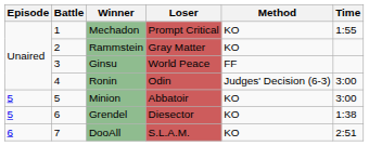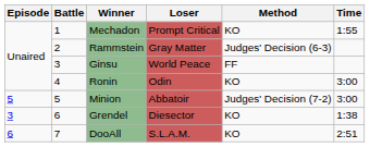 <table class="wikitable">
 <tr>
 <th>Episode</th>
 <th>Battle</th>
 <th>Winner</th>
 <th>Loser</th>
 <th>Method</th>
 <th>Time</th>
 </tr>
 <tr>
 <td rowspan="4">Unaired</td>
 <td>1</td>
 <td style="background:DarkSeaGreen;">Mechadon</td>
 <td style="background:IndianRed;">Prompt Critical</td>
 <td>KO</td>
 <td>1:55</td>
 </tr>
 <tr>
 <td>2</td>
 <td style="background:DarkSeaGreen;">Rammstein</td>
 <td style="background:IndianRed;">Gray Matter</td>
-<td>KO</td>
+<td>Judges' Decision (6-3)</td>
 <td></td>
 </tr>
 <tr>
 <td>3</td>
 <td style="background:DarkSeaGreen;">Ginsu</td>
 <td style="background:IndianRed;">World Peace</td>
 <td>FF</td>
 <td></td>
 </tr>
 <tr>
 <td>4</td>
 <td style="background:DarkSeaGreen;">Ronin</td>
 <td style="background:IndianRed;">Odin</td>
-<td>Judges' Decision (6-3)</td>
+<td>KO</td>
 <td>3:00</td>
 </tr>
 <tr>
 <td><a href='#'>5</a></td>
 <td>5</td>
 <td style="background:DarkSeaGreen;">Minion</td>
 <td style="background:IndianRed;">Abbatoir</td>
-<td>KO</td>
+<td>Judges' Decision (7-2)</td>
 <td>3:00</td>
 </tr>
 <tr>
-<td><a href='#'>5</a></td>
+<td><a href='#'>3</a></td>
 <td>6</td>
 <td style="background:DarkSeaGreen;">Grendel</td>
 <td style="background:IndianRed;">Diesector</td>
 <td>KO</td>
 <td>1:38</td>
 </tr>
 <tr>
 <td><a href='#'>6</a></td>
 <td>7</td>
 <td style="background:DarkSeaGreen;">DooAll</td>
 <td style="background:IndianRed;">S.L.A.M.</td>
 <td>KO</td>
 <td>2:51</td>
 </tr>
 </table>
